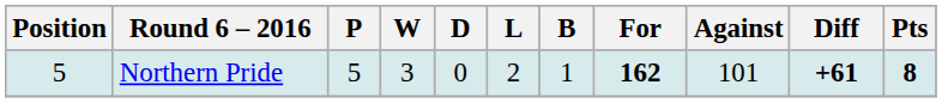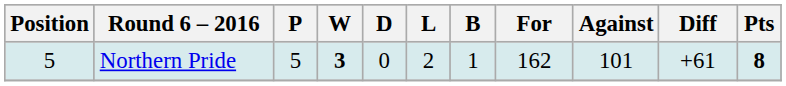 <table class="wikitable" style="text-align:center; font-size:85%;">
 <tr>
 <th width=40 abbr="Position">Position</th>
 <th width=100>Round 6 – 2016</th>
 <th width=20 abbr="Played">P</th>
 <th width=20 abbr="Won">W</th>
 <th width=20 abbr="Drawn">D</th>
 <th width=20 abbr="Lost">L</th>
 <th width=20 abbr="Bye">B</th>
 <th width=40 abbr="Points for">For</th>
 <th width=40 abbr="Points against">Against</th>
 <th width=40 abbr="Points difference">Diff</th>
 <th width=20 abbr="Points">Pts</th>
 </tr>
 <tr style="background: #d7ebed;">
 <td>5</td>
 <td style="text-align:left;"> <a href='#'>Northern Pride</a></td>
 <td>5</td>
-<td>3</td>
+<td><strong>3</strong></td>
 <td>0</td>
 <td>2</td>
 <td>1</td>
-<td><strong>162</strong></td>
+<td>162</td>
 <td>101</td>
-<td><strong>+61</strong></td>
+<td>+61</td>
 <td><strong>8</strong></td>
 </tr>
 <tr>
 </tr>
 </table>
